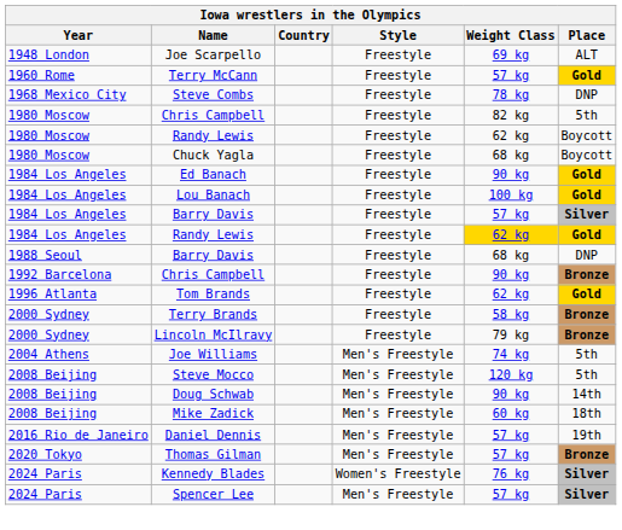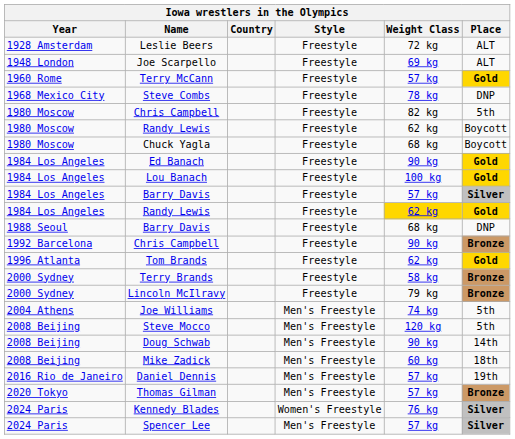 <table class="wikitable">
 <tr>
 <th colspan="6">Iowa wrestlers in the Olympics</th>
 </tr>
 <tr>
 <th scope="col">Year</th>
 <th scope="col">Name</th>
 <th scope="col">Country</th>
 <th scope="col">Style</th>
 <th scope="col">Weight Class</th>
 <th scope="col">Place</th>
+</tr>
+<tr>
+<td><a href='#'>1928 Amsterdam</a></td>
+<td style="text-align: center;">Leslie Beers</td>
+<td style="text-align: center;"></td>
+<td style="text-align: center;">Freestyle</td>
+<td style="text-align: center;">72 kg</td>
+<td style="text-align: center;">ALT</td>
 </tr>
 <tr>
 <td><a href='#'>1948 London</a></td>
 <td style="text-align: center;">Joe Scarpello</td>
 <td style="text-align: center;"></td>
 <td style="text-align: center;">Freestyle</td>
 <td style="text-align: center;"><a href='#'>69 kg</a></td>
 <td style="text-align: center;">ALT</td>
 </tr>
 <tr>
 <td><a href='#'>1960 Rome</a></td>
 <td style="text-align: center;"><a href='#'>Terry McCann</a></td>
 <td style="text-align: center;"></td>
 <td style="text-align: center;">Freestyle</td>
 <td style="text-align: center;"><a href='#'>57 kg</a></td>
 <td style="text-align: center; background:  gold;"><strong>Gold</strong></td>
 </tr>
 <tr>
 <td><a href='#'>1968 Mexico City</a></td>
 <td style="text-align: center;"><a href='#'>Steve Combs</a></td>
 <td style="text-align: center;"></td>
 <td style="text-align: center;">Freestyle</td>
 <td style="text-align: center;"><a href='#'>78 kg</a></td>
 <td style="text-align: center;">DNP</td>
 </tr>
 <tr>
 <td><a href='#'>1980 Moscow</a></td>
 <td style="text-align: center;"><a href='#'>Chris Campbell</a></td>
 <td style="text-align: center;"></td>
 <td style="text-align: center;">Freestyle</td>
 <td style="text-align: center;">82 kg</td>
 <td style="text-align: center;">5th</td>
 </tr>
 <tr>
 <td><a href='#'>1980 Moscow</a></td>
 <td style="text-align: center;"><a href='#'>Randy Lewis</a></td>
 <td style="text-align: center;"></td>
 <td style="text-align: center;">Freestyle</td>
 <td style="text-align: center;">62 kg</td>
 <td style="text-align: center;">Boycott</td>
 </tr>
 <tr>
 <td><a href='#'>1980 Moscow</a></td>
 <td style="text-align: center;">Chuck Yagla</td>
 <td style="text-align: center;"></td>
 <td style="text-align: center;">Freestyle</td>
 <td style="text-align: center;">68 kg</td>
 <td style="text-align: center;">Boycott</td>
 </tr>
 <tr>
 <td><a href='#'>1984 Los Angeles</a></td>
 <td style="text-align: center;"><a href='#'>Ed Banach</a></td>
 <td style="text-align: center;"></td>
 <td style="text-align: center;">Freestyle</td>
 <td style="text-align: center;"><a href='#'>90 kg</a></td>
 <td style="text-align: center; background:  gold;"><strong>Gold</strong></td>
 </tr>
 <tr>
 <td><a href='#'>1984 Los Angeles</a></td>
 <td style="text-align: center;"><a href='#'>Lou Banach</a></td>
 <td style="text-align: center;"></td>
 <td style="text-align: center;">Freestyle</td>
 <td style="text-align: center;"><a href='#'>100 kg</a></td>
 <td style="text-align: center; background:  gold;"><strong>Gold</strong></td>
 </tr>
 <tr>
 <td><a href='#'>1984 Los Angeles</a></td>
 <td style="text-align: center;"><a href='#'>Barry Davis</a></td>
 <td style="text-align: center;"></td>
 <td style="text-align: center;">Freestyle</td>
 <td style="text-align: center;"><a href='#'>57 kg</a></td>
 <td style="text-align: center; background:  silver;"><strong>Silver</strong></td>
 </tr>
 <tr>
 <td><a href='#'>1984 Los Angeles</a></td>
 <td style="text-align: center;"><a href='#'>Randy Lewis</a></td>
 <td style="text-align: center;"></td>
 <td style="text-align: center;">Freestyle</td>
 <td style="background: gold; text-align: center;"><a href='#'>62 kg</a></td>
 <td style="text-align: center; background:  gold;"><strong>Gold</strong></td>
 </tr>
 <tr>
 <td><a href='#'>1988 Seoul</a></td>
 <td style="text-align: center;"><a href='#'>Barry Davis</a></td>
 <td style="text-align: center;"></td>
 <td style="text-align: center;">Freestyle</td>
 <td style="text-align: center;">68 kg</td>
 <td style="text-align: center;">DNP</td>
 </tr>
 <tr>
 <td><a href='#'>1992 Barcelona</a></td>
 <td style="text-align: center;"><a href='#'>Chris Campbell</a></td>
 <td style="text-align: center;"></td>
 <td style="text-align: center;">Freestyle</td>
 <td style="text-align: center;"><a href='#'>90 kg</a></td>
 <td style="text-align:center; background:#c96;"><strong>Bronze</strong></td>
 </tr>
 <tr>
 <td><a href='#'>1996 Atlanta</a></td>
 <td style="text-align: center;"><a href='#'>Tom Brands</a></td>
 <td style="text-align: center;"></td>
 <td style="text-align: center;">Freestyle</td>
 <td style="text-align: center;"><a href='#'>62 kg</a></td>
 <td style="text-align: center; background:  gold;"><strong>Gold</strong></td>
 </tr>
 <tr>
 <td><a href='#'>2000 Sydney</a></td>
 <td style="text-align: center;"><a href='#'>Terry Brands</a></td>
 <td style="text-align: center;"></td>
 <td style="text-align: center;">Freestyle</td>
 <td style="text-align: center;"><a href='#'>58 kg</a></td>
 <td style="text-align:center; background:#c96;"><strong>Bronze</strong></td>
 </tr>
 <tr>
 <td><a href='#'>2000 Sydney</a></td>
 <td style="text-align: center;"><a href='#'>Lincoln McIlravy</a></td>
 <td style="text-align: center;"></td>
 <td style="text-align: center;">Freestyle</td>
 <td style="text-align: center;">79 kg</td>
 <td style="text-align:center; background:#c96;"><strong>Bronze</strong></td>
 </tr>
 <tr>
 <td><a href='#'>2004 Athens</a></td>
 <td style="text-align: center;"><a href='#'>Joe Williams</a></td>
 <td style="text-align: center;"></td>
 <td style="text-align: center;">Men's Freestyle</td>
 <td style="text-align: center;"><a href='#'>74 kg</a></td>
 <td style="text-align: center;">5th</td>
 </tr>
 <tr>
 <td><a href='#'>2008 Beijing</a></td>
 <td style="text-align: center;"><a href='#'>Steve Mocco</a></td>
 <td style="text-align: center;"></td>
 <td style="text-align: center;">Men's Freestyle</td>
 <td style="text-align: center;"><a href='#'>120 kg</a></td>
 <td style="text-align: center;">5th</td>
 </tr>
 <tr>
 <td><a href='#'>2008 Beijing</a></td>
 <td style="text-align: center;"><a href='#'>Doug Schwab</a></td>
 <td style="text-align: center;"></td>
 <td style="text-align: center;">Men's Freestyle</td>
 <td style="text-align: center;"><a href='#'>90 kg</a></td>
 <td style="text-align: center;">14th</td>
 </tr>
 <tr>
 <td><a href='#'>2008 Beijing</a></td>
 <td style="text-align: center;"><a href='#'>Mike Zadick</a></td>
 <td style="text-align: center;"></td>
 <td style="text-align: center;">Men's Freestyle</td>
 <td style="text-align: center;"><a href='#'>60 kg</a></td>
 <td style="text-align: center;">18th</td>
 </tr>
 <tr>
 <td><a href='#'>2016 Rio de Janeiro</a></td>
 <td style="text-align: center;"><a href='#'>Daniel Dennis</a></td>
 <td style="text-align: center;"></td>
 <td style="text-align: center;">Men's Freestyle</td>
 <td style="text-align: center;"><a href='#'>57 kg</a></td>
 <td style="text-align: center;">19th</td>
 </tr>
 <tr>
 <td><a href='#'>2020 Tokyo</a></td>
 <td style="text-align: center;"><a href='#'>Thomas Gilman</a></td>
 <td style="text-align: center;"></td>
 <td style="text-align: center;">Men's Freestyle</td>
 <td style="text-align: center;"><a href='#'>57 kg</a></td>
 <td style="text-align:center; background:#c96;"><strong>Bronze</strong></td>
 </tr>
 <tr>
 <td><a href='#'>2024 Paris</a></td>
 <td style="text-align: center;"><a href='#'>Kennedy Blades</a></td>
 <td style="text-align: center;"></td>
 <td style="text-align: center;">Women's Freestyle</td>
 <td style="text-align: center;"><a href='#'>76 kg</a></td>
 <td style="text-align: center; background:  silver;"><strong>Silver</strong></td>
 </tr>
 <tr>
 <td><a href='#'>2024 Paris</a></td>
 <td style="text-align: center;"><a href='#'>Spencer Lee</a></td>
 <td style="text-align: center;"></td>
 <td style="text-align: center;">Men's Freestyle</td>
 <td style="text-align: center;"><a href='#'>57 kg</a></td>
 <td style="text-align: center; background:  silver;"><strong>Silver</strong></td>
 </tr>
 </table>
